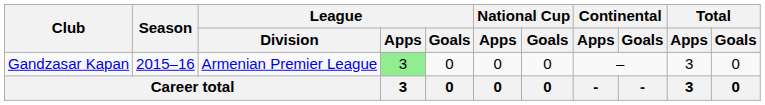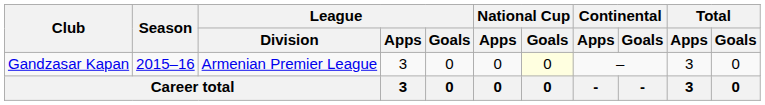 <table class="wikitable" style="text-align: center;">
 <tr>
 <th rowspan="2">Club</th>
 <th rowspan="2">Season</th>
 <th colspan="3">League</th>
 <th colspan="2">National Cup</th>
 <th colspan="2">Continental</th>
 <th colspan="2">Total</th>
 </tr>
 <tr>
 <th>Division</th>
 <th>Apps</th>
 <th>Goals</th>
 <th>Apps</th>
 <th>Goals</th>
 <th>Apps</th>
 <th>Goals</th>
 <th>Apps</th>
 <th>Goals</th>
 </tr>
 <tr>
 <td valign="center"><a href='#'>Gandzasar Kapan</a></td>
 <td><a href='#'>2015–16</a></td>
 <td><a href='#'>Armenian Premier League</a></td>
-<td style="background: lightgreen;">3</td>
+<td>3</td>
 <td>0</td>
 <td>0</td>
-<td>0</td>
+<td style="background: lightyellow;">0</td>
 <td colspan="2">–</td>
 <td>3</td>
 <td>0</td>
 </tr>
 <tr>
 <th colspan="3">Career total</th>
 <th>3</th>
 <th>0</th>
 <th>0</th>
 <th>0</th>
 <th>-</th>
 <th>-</th>
 <th>3</th>
 <th>0</th>
 </tr>
 </table>
